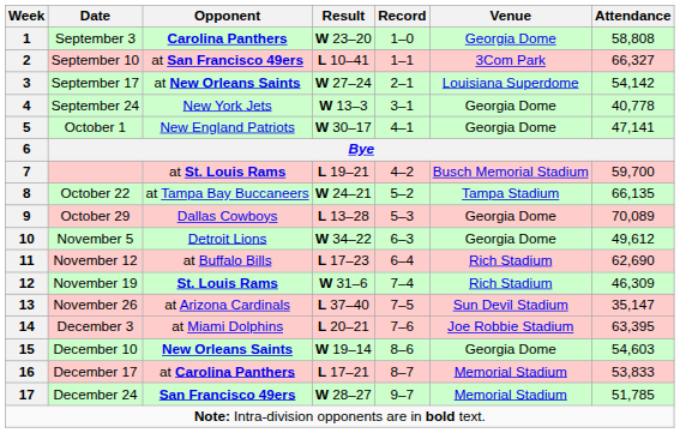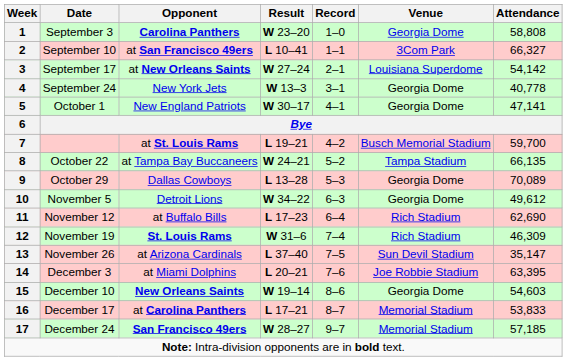 <table class="wikitable" style="text-align:center">
 <tr>
 <th>Week</th>
 <th>Date</th>
 <th>Opponent</th>
 <th>Result</th>
 <th>Record</th>
 <th>Venue</th>
 <th>Attendance</th>
 </tr>
 <tr style="background:#cfc">
 <th>1</th>
 <td>September 3</td>
 <td><strong><a href='#'>Carolina Panthers</a></strong></td>
 <td><strong>W</strong> 23–20 </td>
 <td>1–0</td>
 <td><a href='#'>Georgia Dome</a></td>
 <td>58,808</td>
 </tr>
 <tr style="background:#fcc">
 <th>2</th>
 <td>September 10</td>
 <td>at <strong><a href='#'>San Francisco 49ers</a></strong></td>
 <td><strong>L</strong> 10–41</td>
 <td>1–1</td>
 <td><a href='#'>3Com Park</a></td>
 <td>66,327</td>
 </tr>
 <tr style="background:#cfc">
 <th>3</th>
 <td>September 17</td>
 <td>at <strong><a href='#'>New Orleans Saints</a></strong></td>
 <td><strong>W</strong> 27–24 </td>
 <td>2–1</td>
 <td><a href='#'>Louisiana Superdome</a></td>
 <td>54,142</td>
 </tr>
 <tr style="background:#cfc">
 <th>4</th>
 <td>September 24</td>
 <td><a href='#'>New York Jets</a></td>
 <td><strong>W</strong> 13–3</td>
 <td>3–1</td>
 <td>Georgia Dome</td>
 <td>40,778</td>
 </tr>
 <tr style="background:#cfc">
 <th>5</th>
 <td>October 1</td>
 <td><a href='#'>New England Patriots</a></td>
 <td><strong>W</strong> 30–17</td>
 <td>4–1</td>
 <td>Georgia Dome</td>
 <td>47,141</td>
 </tr>
 <tr>
 <th>6</th>
 <th colspan="7"><em><a href='#'>Bye</a></em></th>
 </tr>
 <tr style="background:#fcc">
 <th>7</th>
 <td></td>
 <td>at <strong><a href='#'>St. Louis Rams</a></strong></td>
 <td><strong>L</strong> 19–21</td>
 <td>4–2</td>
 <td><a href='#'>Busch Memorial Stadium</a></td>
 <td>59,700</td>
 </tr>
 <tr style="background:#cfc">
 <th>8</th>
 <td>October 22</td>
 <td>at <a href='#'>Tampa Bay Buccaneers</a></td>
 <td><strong>W</strong> 24–21</td>
 <td>5–2</td>
 <td><a href='#'>Tampa Stadium</a></td>
 <td>66,135</td>
 </tr>
 <tr style="background:#fcc">
 <th>9</th>
 <td>October 29</td>
 <td><a href='#'>Dallas Cowboys</a></td>
 <td><strong>L</strong> 13–28</td>
 <td>5–3</td>
 <td>Georgia Dome</td>
 <td>70,089</td>
 </tr>
 <tr style="background:#cfc">
 <th>10</th>
 <td>November 5</td>
 <td><a href='#'>Detroit Lions</a></td>
 <td><strong>W</strong> 34–22</td>
 <td>6–3</td>
 <td>Georgia Dome</td>
 <td>49,612</td>
 </tr>
 <tr style="background:#fcc">
 <th>11</th>
 <td>November 12</td>
 <td>at <a href='#'>Buffalo Bills</a></td>
 <td><strong>L</strong> 17–23</td>
 <td>6–4</td>
 <td><a href='#'>Rich Stadium</a></td>
 <td>62,690</td>
 </tr>
 <tr style="background:#cfc">
 <th>12</th>
 <td>November 19</td>
 <td><strong><a href='#'>St. Louis Rams</a></strong></td>
 <td><strong>W</strong> 31–6</td>
 <td>7–4</td>
 <td><a href='#'>Rich Stadium</a></td>
 <td>46,309</td>
 </tr>
 <tr style="background:#fcc">
 <th>13</th>
 <td>November 26</td>
 <td>at <a href='#'>Arizona Cardinals</a></td>
 <td><strong>L</strong> 37–40 </td>
 <td>7–5</td>
 <td><a href='#'>Sun Devil Stadium</a></td>
 <td>35,147</td>
 </tr>
 <tr style="background:#fcc">
 <th>14</th>
 <td>December 3</td>
 <td>at <a href='#'>Miami Dolphins</a></td>
 <td><strong>L</strong> 20–21</td>
 <td>7–6</td>
 <td><a href='#'>Joe Robbie Stadium</a></td>
 <td>63,395</td>
 </tr>
 <tr style="background:#cfc">
 <th>15</th>
 <td>December 10</td>
 <td><strong><a href='#'>New Orleans Saints</a></strong></td>
 <td><strong>W</strong> 19–14</td>
 <td>8–6</td>
 <td>Georgia Dome</td>
 <td>54,603</td>
 </tr>
 <tr style="background:#fcc">
 <th>16</th>
 <td>December 17</td>
 <td>at <strong><a href='#'>Carolina Panthers</a></strong></td>
 <td><strong>L</strong> 17–21</td>
 <td>8–7</td>
 <td><a href='#'>Memorial Stadium</a></td>
 <td>53,833</td>
 </tr>
 <tr style="background:#cfc">
 <th>17</th>
 <td>December 24</td>
 <td><strong><a href='#'>San Francisco 49ers</a></strong></td>
 <td><strong>W</strong> 28–27</td>
 <td>9–7</td>
 <td><a href='#'>Memorial Stadium</a></td>
-<td>51,785</td>
+<td>57,185</td>
 </tr>
 <tr>
 <td colspan="8"><strong>Note:</strong> Intra-division opponents are in <strong>bold</strong> text.</td>
 </tr>
 </table>
